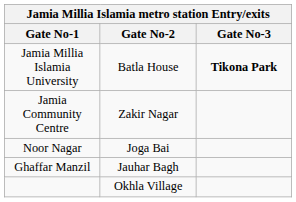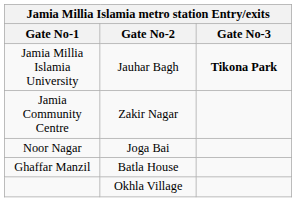 <table class="wikitable" style="text-align: center;" width="60%">
 <tr>
 <th align="center" colspan="5" style="background:#"><span>Jamia Millia Islamia metro station Entry/exits</span></th>
 </tr>
 <tr>
 <th style="width:30%;">Gate No-1 </th>
 <th style="width:30%;">Gate No-2</th>
 <th style="width:30%;">Gate No-3 </th>
 </tr>
 <tr>
 <td>Jamia Millia Islamia University</td>
-<td>Batla House</td>
+<td>Jauhar Bagh</td>
 <td><strong>Tikona Park</strong></td>
 </tr>
 <tr>
 <td>Jamia Community Centre</td>
 <td>Zakir Nagar</td>
 </tr>
 <tr>
 <td>Noor Nagar</td>
 <td>Joga Bai</td>
 <td></td>
 </tr>
 <tr>
 <td>Ghaffar Manzil</td>
-<td>Jauhar Bagh</td>
+<td>Batla House</td>
 <td></td>
 </tr>
 <tr>
 <td></td>
 <td>Okhla Village</td>
 <td></td>
 </tr>
 </table>
